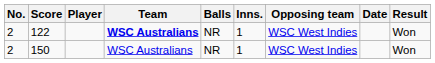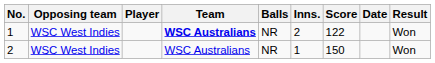 <table class="wikitable sortable" style="font-size:95%">
 <tr>
 <th>No.</th>
-<th>Score</th>
+<th>Opposing team</th>
 <th>Player</th>
 <th>Team</th>
 <th>Balls</th>
 <th>Inns.</th>
-<th>Opposing team</th>
+<th>Score</th>
 <th>Date</th>
 <th>Result</th>
 </tr>
 <tr>
-<td>2</td>
-<td>122</td>
+<td>1</td>
+<td> <a href='#'>WSC West Indies</a></td>
 <td></td>
 <td><strong> <a href='#'>WSC Australians</a></strong></td>
 <td>NR</td>
-<td>1</td>
-<td> <a href='#'>WSC West Indies</a></td>
+<td>2</td>
+<td>122</td>
 <td></td>
 <td>Won</td>
 </tr>
 <tr>
 <td>2</td>
-<td>150</td>
+<td> <a href='#'>WSC West Indies</a></td>
 <td></td>
 <td> <a href='#'>WSC Australians</a></td>
 <td>NR</td>
 <td>1</td>
-<td> <a href='#'>WSC West Indies</a></td>
+<td>150</td>
 <td></td>
 <td>Won</td>
 </tr>
 </table>
